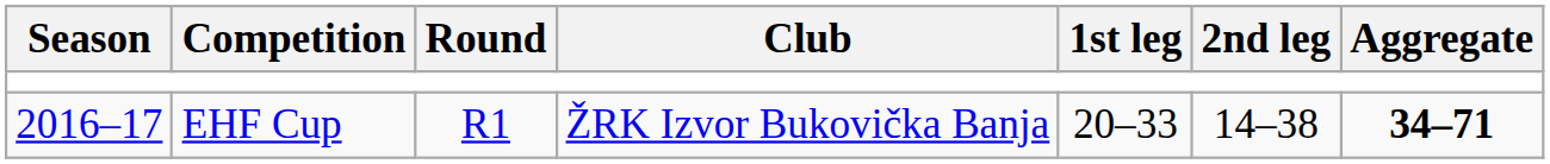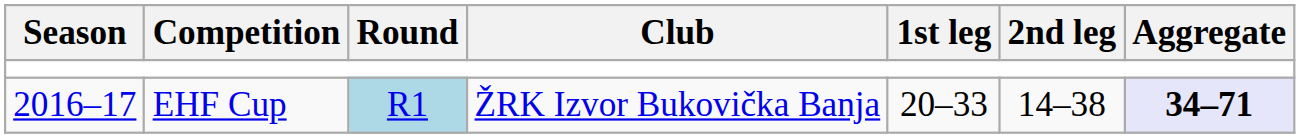 <table class="wikitable">
 <tr>
 <th>Season</th>
 <th>Competition</th>
 <th>Round</th>
 <th>Club</th>
 <th>1st leg</th>
 <th>2nd leg</th>
 <th>Aggregate</th>
 </tr>
 <tr>
 <td colspan="7" bgcolor=white></td>
 </tr>
 <tr>
 <td><a href='#'>2016–17</a></td>
 <td><a href='#'>EHF Cup</a></td>
-<td style="text-align:center;"><a href='#'>R1</a></td>
+<td style="background: lightblue; text-align:center;"><a href='#'>R1</a></td>
 <td> <a href='#'>ŽRK Izvor Bukovička Banja</a></td>
 <td style="text-align:center;">20–33</td>
 <td style="text-align:center;">14–38</td>
-<td style="text-align:center;"><strong>34–71</strong></td>
+<td style="background: lavender; text-align:center;"><strong>34–71</strong></td>
 </tr>
 </table>
